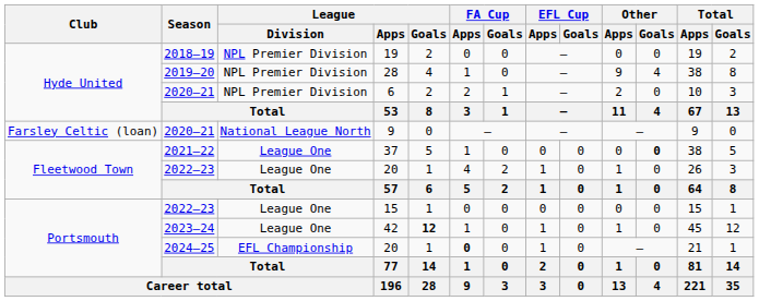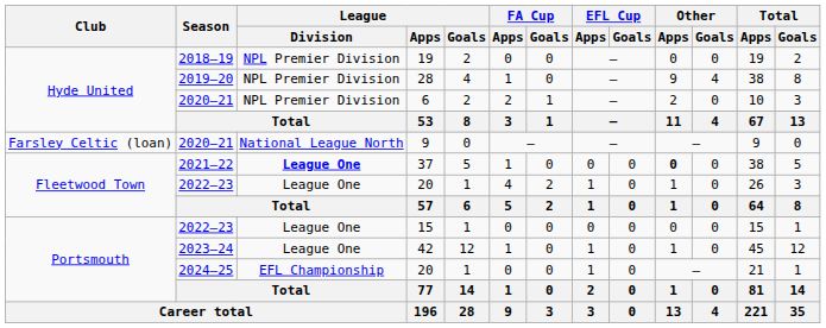 <table class=wikitable style=text-align:center>
 <tr>
 <th rowspan=2>Club</th>
 <th rowspan=2>Season</th>
 <th colspan=3>League</th>
 <th colspan=2><a href='#'>FA Cup</a></th>
 <th colspan=2><a href='#'>EFL Cup</a></th>
 <th colspan=2>Other</th>
 <th colspan=2>Total</th>
 </tr>
 <tr>
 <th>Division</th>
 <th>Apps</th>
 <th>Goals</th>
 <th>Apps</th>
 <th>Goals</th>
 <th>Apps</th>
 <th>Goals</th>
 <th>Apps</th>
 <th>Goals</th>
 <th>Apps</th>
 <th>Goals</th>
 </tr>
 <tr>
 <td rowspan="4"><a href='#'>Hyde United</a></td>
 <td><a href='#'>2018–19</a></td>
 <td><a href='#'>NPL</a> Premier Division</td>
 <td>19</td>
 <td>2</td>
 <td>0</td>
 <td>0</td>
 <td colspan=2>—</td>
 <td>0</td>
 <td>0</td>
 <td>19</td>
 <td>2</td>
 </tr>
 <tr>
 <td><a href='#'>2019–20</a></td>
 <td>NPL Premier Division</td>
 <td>28</td>
 <td>4</td>
 <td>1</td>
 <td>0</td>
 <td colspan=2>—</td>
 <td>9</td>
 <td>4</td>
 <td>38</td>
 <td>8</td>
 </tr>
 <tr>
 <td><a href='#'>2020–21</a></td>
 <td>NPL Premier Division</td>
 <td>6</td>
 <td>2</td>
 <td>2</td>
 <td>1</td>
 <td colspan=2>—</td>
 <td>2</td>
 <td>0</td>
 <td>10</td>
 <td>3</td>
 </tr>
 <tr>
 <th colspan=2>Total</th>
 <th>53</th>
 <th>8</th>
 <th>3</th>
 <th>1</th>
 <th colspan=2>—</th>
 <th>11</th>
 <th>4</th>
 <th>67</th>
 <th>13</th>
 </tr>
 <tr>
 <td><a href='#'>Farsley Celtic</a> (loan)</td>
 <td><a href='#'>2020–21</a></td>
 <td><a href='#'>National League North</a></td>
 <td>9</td>
 <td>0</td>
 <td colspan=2>—</td>
 <td colspan=2>—</td>
 <td colspan=2>—</td>
 <td>9</td>
 <td>0</td>
 </tr>
 <tr>
 <td rowspan="3"><a href='#'>Fleetwood Town</a></td>
 <td><a href='#'>2021–22</a></td>
-<td><a href='#'>League One</a></td>
+<td><strong><a href='#'>League One</a></strong></td>
 <td>37</td>
 <td>5</td>
 <td>1</td>
 <td>0</td>
 <td>0</td>
 <td>0</td>
+<td><strong>0</strong></td>
 <td>0</td>
-<td><strong>0</strong></td>
 <td>38</td>
 <td>5</td>
 </tr>
 <tr>
 <td><a href='#'>2022–23</a></td>
 <td>League One</td>
 <td>20</td>
 <td>1</td>
 <td>4</td>
 <td>2</td>
 <td>1</td>
 <td>0</td>
 <td>1</td>
 <td>0</td>
 <td>26</td>
 <td>3</td>
 </tr>
 <tr>
 <th colspan="2">Total</th>
 <th>57</th>
 <th>6</th>
 <th>5</th>
 <th>2</th>
 <th>1</th>
 <th>0</th>
 <th>1</th>
 <th>0</th>
 <th>64</th>
 <th>8</th>
 </tr>
 <tr>
 <td rowspan="4"><a href='#'>Portsmouth</a></td>
 <td><a href='#'>2022–23</a></td>
 <td>League One</td>
 <td>15</td>
 <td>1</td>
 <td>0</td>
 <td>0</td>
 <td>0</td>
 <td>0</td>
 <td>0</td>
 <td>0</td>
 <td>15</td>
 <td>1</td>
 </tr>
 <tr>
 <td><a href='#'>2023–24</a></td>
 <td>League One</td>
 <td>42</td>
-<td><strong>12</strong></td>
+<td>12</td>
 <td>1</td>
 <td>0</td>
 <td>1</td>
 <td>0</td>
 <td>1</td>
 <td>0</td>
 <td>45</td>
 <td>12</td>
 </tr>
 <tr>
 <td><a href='#'>2024–25</a></td>
 <td><a href='#'>EFL Championship</a></td>
 <td>20</td>
 <td>1</td>
-<td><strong>0</strong></td>
+<td>0</td>
 <td>0</td>
 <td>1</td>
 <td>0</td>
 <td colspan="2">—</td>
 <td>21</td>
 <td>1</td>
 </tr>
 <tr>
 <th colspan="2">Total</th>
 <th>77</th>
 <th>14</th>
 <th>1</th>
 <th>0</th>
 <th>2</th>
 <th>0</th>
 <th>1</th>
 <th>0</th>
 <th>81</th>
 <th>14</th>
 </tr>
 <tr>
 <th colspan="3">Career total</th>
 <th>196</th>
 <th>28</th>
 <th>9</th>
 <th>3</th>
 <th>3</th>
 <th>0</th>
 <th>13</th>
 <th>4</th>
 <th>221</th>
 <th>35</th>
 </tr>
 </table>
